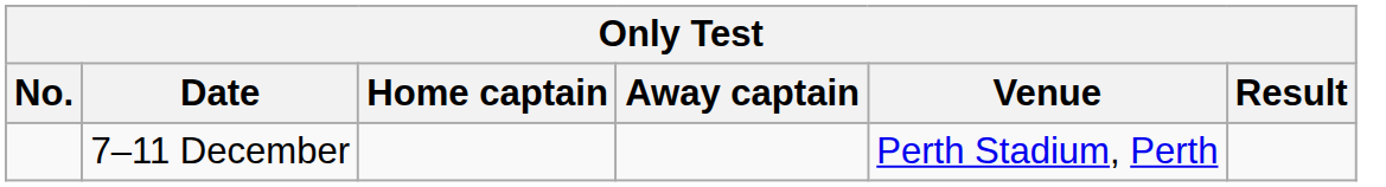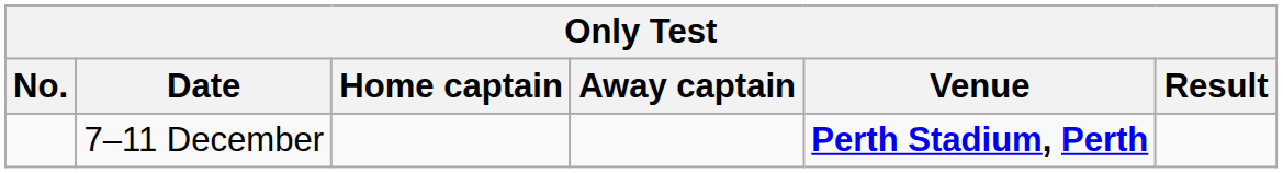 <table class="wikitable">
 <tr>
 <th colspan="9">Only Test</th>
 </tr>
 <tr>
 <th>No.</th>
 <th>Date</th>
 <th>Home captain</th>
 <th>Away captain</th>
 <th>Venue</th>
 <th>Result</th>
 </tr>
 <tr>
 <td></td>
 <td>7–11 December</td>
 <td></td>
 <td></td>
-<td><a href='#'>Perth Stadium</a>, <a href='#'>Perth</a></td>
+<td><strong><a href='#'>Perth Stadium</a>, <a href='#'>Perth</a></strong></td>
 <td></td>
 </tr>
 </table>
